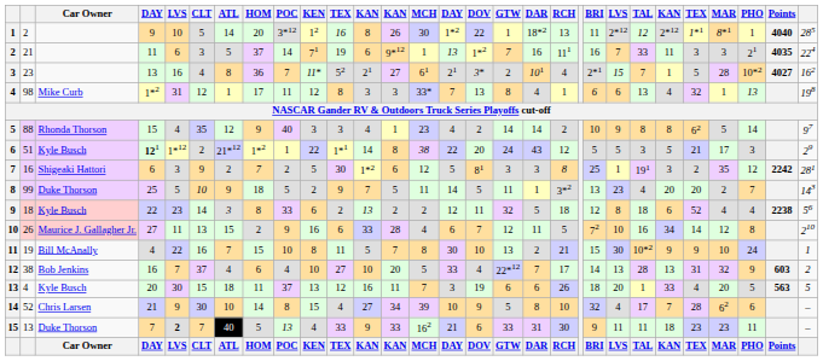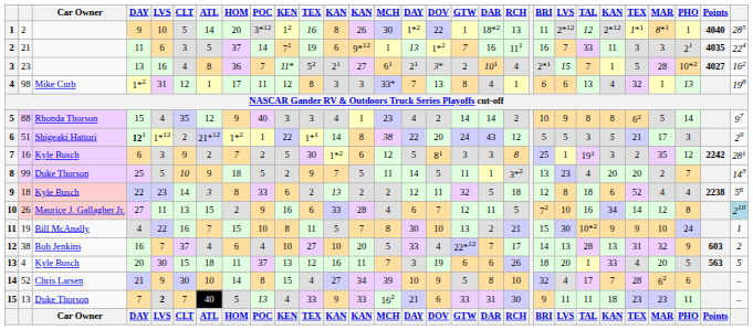 <table class="wikitable" style="font-size:77%; text-align:center;">
 <tr valign="top">
 <th style="vertical-align:middle;"></th>
 <th style="vertical-align:middle;"></th>
 <th style="vertical-align:middle;">Car Owner</th>
 <th><a href='#'>DAY</a></th>
 <th><a href='#'>LVS</a></th>
 <th><a href='#'>CLT</a></th>
 <th><a href='#'>ATL</a></th>
 <th><a href='#'>HOM</a></th>
 <th><a href='#'>POC</a></th>
 <th><a href='#'>KEN</a></th>
 <th><a href='#'>TEX</a></th>
 <th><a href='#'>KAN</a></th>
 <th><a href='#'>KAN</a></th>
 <th><a href='#'>MCH</a></th>
 <th><a href='#'>DAY</a></th>
 <th><a href='#'>DOV</a></th>
 <th><a href='#'>GTW</a></th>
 <th><a href='#'>DAR</a></th>
 <th><a href='#'>RCH</a></th>
 <th rowspan=5></th>
 <th><a href='#'>BRI</a></th>
 <th><a href='#'>LVS</a></th>
 <th><a href='#'>TAL</a></th>
 <th><a href='#'>KAN</a></th>
 <th><a href='#'>TEX</a></th>
 <th><a href='#'>MAR</a></th>
 <th><a href='#'>PHO</a></th>
 <th style="vertical-align:middle;"><a href='#'>Points</a></th>
 <th style="vertical-align:middle;"></th>
 </tr>
 <tr>
 <th>1</th>
 <td align="left">2</td>
 <td align="left"></td>
 <td style="background:#ffdf9f">9</td>
 <td style="background:#ffdf9f">10</td>
 <td style="background:#dfdfdf">5</td>
 <td style="background:#dfffdf">14</td>
 <td style="background:#dfffdf">20</td>
 <td style="background:#dfdfdf">3*<sup>12</sup></td>
 <td style="background:#ffffbf">1<sup>2</sup></td>
 <td style="background:#dfffdf"><em>16</em></td>
 <td style="background:#ffdf9f">8</td>
 <td style="background:#efcfff">26</td>
 <td style="background:#cfcfff">30</td>
 <td style="background:#ffffbf">1*<sup>2</sup></td>
 <td style="background:#cfcfff">22</td>
 <td style="background:#ffffbf">1</td>
 <td style="background:#dfffdf">18*<sup>2</sup></td>
 <td style="background:#dfffdf">13</td>
 <td style="background:#dfffdf">11</td>
 <td style="background:#dfdfdf">2*<sup>12</sup></td>
 <td style="background:#dfffdf"><em>12</em></td>
 <td style="background:#dfdfdf">2*<sup>12</sup></td>
 <td style="background:#ffffbf"><em>1</em>*<sup>1</sup></td>
 <td style="background:#ffdf9f"><em>8</em>*<sup>1</sup></td>
 <td style="background:#ffffbf">1</td>
 <th>4040</th>
 <td><em>28<sup>5</sup></em></td>
 </tr>
 <tr>
 <th>2</th>
 <td align="left">21</td>
 <td align="left"></td>
 <td style="background:#dfffdf">11</td>
 <td style="background:#ffdf9f">6</td>
 <td style="background:#dfdfdf">3</td>
 <td style="background:#dfdfdf">5</td>
 <td style="background:#efcfff">37</td>
 <td style="background:#dfffdf">14</td>
 <td style="background:#ffdf9f">7<sup>1</sup></td>
 <td style="background:#dfffdf">19</td>
 <td style="background:#ffdf9f">6</td>
 <td style="background:#ffdf9f">9*<sup>12</sup></td>
 <td style="background:#ffffbf">1</td>
 <td style="background:#dfffdf"><em>13</em></td>
 <td style="background:#ffffbf">1*<sup>2</sup></td>
 <td style="background:#ffdf9f"><em>7</em></td>
 <td style="background:#dfffdf">16</td>
 <td style="background:#dfffdf">11<sup>1</sup></td>
 <td style="background:#dfffdf">16</td>
 <td style="background:#ffdf9f">7</td>
 <td style="background:#efcfff">33</td>
 <td style="background:#dfffdf">11</td>
 <td style="background:#dfdfdf">3</td>
 <td style="background:#dfdfdf">3</td>
 <td style="background:#dfdfdf">2<sup>1</sup></td>
 <th>4035</th>
 <td><em>22<sup>4</sup></em></td>
 </tr>
 <tr>
 <th>3</th>
 <td align="left">23</td>
 <td align="left"></td>
 <td style="background:#dfffdf">13</td>
 <td style="background:#dfffdf">16</td>
 <td style="background:#dfdfdf">4</td>
 <td style="background:#ffdf9f">8</td>
 <td style="background:#efcfff">36</td>
 <td style="background:#ffdf9f">7</td>
 <td style="background:#dfffdf"><em>11</em>*</td>
 <td style="background:#dfdfdf">5<sup>2</sup></td>
 <td style="background:#dfdfdf">2<sup>1</sup></td>
 <td style="background:#efcfff">27</td>
 <td style="background:#ffdf9f">6<sup>1</sup></td>
 <td style="background:#dfdfdf">2<sup>1</sup></td>
 <td style="background:#dfdfdf"><em>3</em>*</td>
 <td style="background:#dfdfdf">2</td>
 <td style="background:#ffdf9f"><em>10</em><sup>1</sup></td>
 <td style="background:#dfdfdf">4</td>
 <td style="background:#dfdfdf">2*<sup>1</sup></td>
 <td style="background:#dfffdf"><em>15</em></td>
 <td style="background:#ffdf9f">7</td>
 <td style="background:#ffffbf">1</td>
 <td style="background:#dfdfdf">5</td>
 <td style="background:#efcfff">28</td>
 <td style="background:#ffdf9f">10*<sup>2</sup></td>
 <th>4027</th>
 <td><em>16<sup>2</sup></em></td>
 </tr>
 <tr>
 <th>4</th>
 <td align="left">98</td>
 <td align="left"><a href='#'>Mike Curb</a></td>
 <td style="background:#ffffbf">1*<sup>2</sup></td>
 <td style="background:#efcfff">31</td>
 <td style="background:#dfffdf">12</td>
 <td style="background:#ffffbf">1</td>
 <td style="background:#dfffdf">17</td>
 <td style="background:#dfffdf">11</td>
 <td style="background:#dfffdf">12</td>
 <td style="background:#ffdf9f">8</td>
 <td style="background:#dfdfdf">3</td>
 <td style="background:#dfdfdf">3</td>
 <td style="background:#cfcfff">33*</td>
 <td style="background:#ffdf9f">7</td>
 <td style="background:#dfffdf">13</td>
 <td style="background:#ffdf9f">8</td>
 <td style="background:#dfdfdf">4</td>
 <td style="background:#ffffbf">1</td>
 <td style="background:#ffdf9f"><em>6</em></td>
 <td style="background:#ffdf9f">6</td>
 <td style="background:#dfffdf">13</td>
 <td style="background:#dfdfdf">4</td>
 <td style="background:#efcfff">32</td>
 <td style="background:#ffffbf">1</td>
 <td style="background:#dfffdf"><em>13</em></td>
 <th></th>
 <td><em>19<sup>8</sup></em></td>
 </tr>
 <tr>
 <th colspan="29"><a href='#'>NASCAR Gander RV & Outdoors Truck Series Playoffs</a> cut-off</th>
 </tr>
 <tr>
 <th>5</th>
 <td style="background:#efcfff" align="left">88</td>
 <td style="background:#efcfff" align="left"><a href='#'>Rhonda Thorson</a></td>
 <td style="background:#dfffdf">15</td>
 <td style="background:#dfdfdf">4</td>
 <td style="background:#cfcfff">35</td>
 <td style="background:#dfffdf">12</td>
 <td style="background:#ffdf9f">9</td>
 <td style="background:#efcfff">40</td>
 <td style="background:#dfdfdf">3</td>
 <td style="background:#dfdfdf">3</td>
 <td style="background:#dfdfdf">4</td>
 <td style="background:#ffffbf">1</td>
 <td style="background:#cfcfff">23</td>
 <td style="background:#dfdfdf">4</td>
 <td style="background:#dfdfdf">2</td>
 <td style="background:#dfffdf">14</td>
 <td style="background:#dfffdf">14</td>
 <td style="background:#dfdfdf">2</td>
 <th rowspan=37></th>
 <td style="background:#ffdf9f">10</td>
 <td style="background:#ffdf9f">9</td>
 <td style="background:#ffdf9f">8</td>
 <td style="background:#ffdf9f">8</td>
 <td style="background:#ffdf9f">6<sup>2</sup></td>
 <td style="background:#dfdfdf">5</td>
 <td style="background:#dfffdf">14</td>
 <th></th>
 <td><em>9<sup>7</sup></em></td>
 </tr>
 <tr>
 <th>6</th>
 <td style="background:#efcfff" align="left">51</td>
-<td style="background:#efcfff" align="left"><a href='#'>Kyle Busch</a></td>
+<td style="background:#efcfff" align="left"><a href='#'>Shigeaki Hattori</a></td>
 <td style="background:#dfffdf"><strong>12</strong><sup>1</sup></td>
 <td style="background:#ffffbf">1*<sup>12</sup></td>
 <td style="background:#dfdfdf">2</td>
 <td style="background:#cfcfff">21*<sup>12</sup></td>
 <td style="background:#ffffbf">1*<sup>2</sup></td>
 <td style="background:#ffffbf">1</td>
 <td style="background:#cfcfff">22</td>
 <td style="background:#ffffbf">1*<sup>1</sup></td>
 <td style="background:#dfffdf">14</td>
 <td style="background:#ffdf9f">8</td>
 <td style="background:#efcfff"><em>38</em></td>
 <td style="background:#cfcfff">22</td>
 <td style="background:#dfffdf">20</td>
 <td style="background:#cfcfff">24</td>
 <td style="background:#cfcfff">43</td>
 <td style="background:#dfffdf">12</td>
 <td style="background:#dfdfdf">5</td>
 <td style="background:#dfdfdf">5</td>
 <td style="background:#dfdfdf">3</td>
 <td style="background:#dfdfdf"><em>5</em></td>
 <td style="background:#cfcfff">21</td>
 <td style="background:#dfffdf">17</td>
 <td style="background:#dfdfdf">3</td>
 <th></th>
 <td><em>2<sup>9</sup></em></td>
 </tr>
 <tr>
 <th>7</th>
 <td style="background:#efcfff" align="left">16</td>
-<td style="background:#efcfff" align="left"><a href='#'>Shigeaki Hattori</a></td>
+<td style="background:#efcfff" align="left"><a href='#'>Kyle Busch</a></td>
 <td style="background:#ffdf9f">6</td>
 <td style="background:#dfdfdf">3</td>
 <td style="background:#ffdf9f">9</td>
 <td style="background:#dfdfdf">2</td>
 <td style="background:#ffdf9f"><em>7</em></td>
 <td style="background:#dfdfdf">2</td>
 <td style="background:#dfdfdf">5</td>
 <td style="background:#efcfff">30</td>
 <td style="background:#ffffbf">1*<sup>2</sup></td>
 <td style="background:#ffdf9f">6</td>
 <td style="background:#dfffdf">12</td>
 <td style="background:#dfdfdf">5</td>
 <td style="background:#ffdf9f">8<sup>1</sup></td>
 <td style="background:#dfdfdf">3</td>
 <td style="background:#dfdfdf">3</td>
 <td style="background:#ffdf9f"><em>8</em></td>
 <td style="background:#cfcfff">25</td>
 <td style="background:#ffffbf">1</td>
 <td style="background:#efcfff">19<sup>1</sup></td>
 <td style="background:#dfdfdf">3</td>
 <td style="background:#dfdfdf">2</td>
 <td style="background:#efcfff">35</td>
 <td style="background:#dfffdf">12</td>
 <th>2242</th>
 <td><em>28<sup>1</sup></em></td>
 </tr>
 <tr>
 <th>8</th>
 <td style="background:#efcfff" align="left">99</td>
 <td style="background:#efcfff" align="left"><a href='#'>Duke Thorson</a></td>
 <td style="background:#efcfff">25</td>
 <td style="background:#dfdfdf">5</td>
 <td style="background:#ffdf9f"><em>10</em></td>
 <td style="background:#ffdf9f">9</td>
 <td style="background:#dfffdf">18</td>
 <td style="background:#dfdfdf">5</td>
 <td style="background:#dfdfdf">2</td>
 <td style="background:#ffdf9f">9</td>
 <td style="background:#ffdf9f">7</td>
 <td style="background:#dfdfdf">5</td>
 <td style="background:#dfffdf">11</td>
 <td style="background:#dfffdf">14</td>
 <td style="background:#dfdfdf">5</td>
 <td style="background:#dfffdf">11</td>
 <td style="background:#ffffbf">1</td>
 <td style="background:#dfdfdf">3*<sup>2</sup></td>
 <td style="background:#dfffdf">13</td>
 <td style="background:#cfcfff">23</td>
 <td style="background:#dfdfdf">4</td>
 <td style="background:#dfffdf">20</td>
 <td style="background:#dfffdf">20</td>
 <td style="background:#dfdfdf">2</td>
 <td style="background:#ffdf9f">7</td>
 <th></th>
 <td><em>14<sup>3</sup></em></td>
 </tr>
 <tr>
 <th>9</th>
 <td style="background:#ffcfcf" align="left">18</td>
 <td style="background:#ffcfcf" align="left"><a href='#'>Kyle Busch</a></td>
 <td style="background:#cfcfff">22</td>
 <td style="background:#cfcfff">23</td>
 <td style="background:#dfffdf">14</td>
 <td style="background:#dfdfdf"><em>3</em></td>
 <td style="background:#ffdf9f">8</td>
 <td style="background:#efcfff">33</td>
 <td style="background:#ffdf9f">6</td>
 <td style="background:#dfdfdf">2</td>
 <td style="background:#dfffdf"><em>13</em></td>
 <td style="background:#dfdfdf">2</td>
 <td style="background:#dfdfdf">2</td>
 <td style="background:#dfffdf">12</td>
 <td style="background:#dfffdf">11</td>
 <td style="background:#efcfff">32</td>
 <td style="background:#dfdfdf">5</td>
 <td style="background:#dfffdf">18</td>
 <td style="background:#dfffdf">12</td>
 <td style="background:#ffdf9f">8</td>
 <td style="background:#dfffdf">18</td>
 <td style="background:#ffdf9f">6</td>
 <td style="background:#efcfff">52</td>
 <td style="background:#dfdfdf">4</td>
 <td style="background:#dfdfdf">4</td>
 <th>2238</th>
 <td><em>5<sup>6</sup></em></td>
 </tr>
 <tr>
 <th>10</th>
 <td style="background:#ffcfcf" align="left">26</td>
 <td style="background:#ffcfcf" align="left"><a href='#'>Maurice J. Gallagher Jr.</a></td>
 <td style="background:#efcfff">27</td>
 <td style="background:#dfffdf">11</td>
 <td style="background:#dfffdf">13</td>
 <td style="background:#dfffdf">15</td>
 <td style="background:#dfdfdf">2</td>
 <td style="background:#ffdf9f">9</td>
 <td style="background:#dfffdf">16</td>
 <td style="background:#ffdf9f">6</td>
 <td style="background:#cfcfff">33</td>
 <td style="background:#efcfff">28</td>
 <td style="background:#dfdfdf">4</td>
 <td style="background:#ffdf9f">6</td>
 <td style="background:#ffdf9f">7</td>
 <td style="background:#dfffdf">12</td>
 <td style="background:#dfffdf">11</td>
 <td style="background:#dfdfdf">5</td>
 <td style="background:#ffdf9f">7<sup>2</sup></td>
 <td style="background:#ffdf9f">10</td>
 <td style="background:#dfffdf">16</td>
 <td style="background:#cfcfff">34</td>
 <td style="background:#dfffdf">14</td>
 <td style="background:#dfffdf">12</td>
 <td style="background:#ffdf9f">8</td>
 <th></th>
-<td><em>2<sup>10</sup></em></td>
+<td style="background: lightblue;"><em>2<sup>10</sup></em></td>
 </tr>
 <tr>
 <th>11</th>
 <td align="left">19</td>
 <td align="left"><a href='#'>Bill McAnally</a></td>
 <td style="background:#dfdfdf">4</td>
 <td style="background:#cfcfff">22</td>
 <td style="background:#dfffdf">16</td>
 <td style="background:#ffdf9f">7</td>
 <td style="background:#dfffdf">15</td>
 <td style="background:#ffdf9f">10</td>
 <td style="background:#ffdf9f">8</td>
 <td style="background:#dfffdf">11</td>
 <td style="background:#dfdfdf">5</td>
 <td style="background:#ffdf9f">7</td>
 <td style="background:#ffdf9f">8</td>
 <td style="background:#efcfff">30</td>
 <td style="background:#ffdf9f">10</td>
 <td style="background:#dfffdf">13</td>
 <td style="background:#dfdfdf">2</td>
 <td style="background:#cfcfff">21</td>
 <td style="background:#dfffdf">15</td>
 <td style="background:#cfcfff">30</td>
 <td style="background:#ffdf9f">10*<sup>2</sup></td>
 <td style="background:#ffdf9f">9</td>
 <td style="background:#ffdf9f">9</td>
 <td style="background:#ffdf9f">10</td>
 <td style="background:#cfcfff">24</td>
 <th></th>
 <td><em>1</em></td>
 </tr>
 <tr>
 <th>12</th>
 <td align="left">38</td>
 <td align="left"><a href='#'>Bob Jenkins</a></td>
 <td style="background:#dfffdf">16</td>
 <td style="background:#ffdf9f">7</td>
 <td style="background:#efcfff">37</td>
 <td style="background:#dfdfdf">4</td>
 <td style="background:#ffdf9f">6</td>
 <td style="background:#dfdfdf">4</td>
 <td style="background:#ffdf9f">10</td>
 <td style="background:#efcfff">27</td>
 <td style="background:#ffdf9f">10</td>
 <td style="background:#dfffdf">20</td>
 <td style="background:#dfdfdf">5</td>
 <td style="background:#efcfff">33</td>
 <td style="background:#dfdfdf">4</td>
 <td style="background:#cfcfff">22*<sup>12</sup></td>
 <td style="background:#ffdf9f">7</td>
 <td style="background:#dfffdf">17</td>
 <td style="background:#dfffdf">14</td>
 <td style="background:#dfffdf">13</td>
 <td style="background:#efcfff">28</td>
 <td style="background:#dfffdf">13</td>
 <td style="background:#efcfff">31</td>
 <td style="background:#efcfff">32</td>
 <td style="background:#ffdf9f">9</td>
 <th>603</th>
 <td><em>2</em></td>
 </tr>
 <tr>
 <th>13</th>
 <td align="left">4</td>
 <td align="left"><a href='#'>Kyle Busch</a></td>
 <td style="background:#dfffdf">20</td>
 <td style="background:#efcfff">30</td>
 <td style="background:#dfffdf">15</td>
 <td style="background:#dfffdf">18</td>
 <td style="background:#dfffdf">11</td>
 <td style="background:#efcfff">37</td>
 <td style="background:#dfffdf">13</td>
 <td style="background:#dfffdf">12</td>
 <td style="background:#dfffdf">16</td>
 <td style="background:#dfffdf">11</td>
 <td style="background:#ffdf9f">7</td>
 <td style="background:#dfdfdf">3</td>
 <td style="background:#dfffdf">19</td>
 <td style="background:#ffdf9f">6</td>
 <td style="background:#ffdf9f">6</td>
 <td style="background:#cfcfff">26</td>
 <td style="background:#dfffdf">18</td>
 <td style="background:#dfffdf">20</td>
 <td style="background:#ffffbf">1</td>
 <td style="background:#efcfff">33</td>
 <td style="background:#dfdfdf">4</td>
 <td style="background:#dfffdf">20</td>
 <td style="background:#dfdfdf">5</td>
 <th>563</th>
 <td><em>5</em></td>
 </tr>
 <tr>
 <th>14</th>
 <td align="left">52</td>
 <td align="left"><a href='#'>Chris Larsen</a></td>
 <td style="background:#cfcfff">21</td>
 <td style="background:#ffdf9f">9</td>
 <td style="background:#cfcfff">30</td>
 <td style="background:#ffdf9f">10</td>
 <td style="background:#dfffdf">14</td>
 <td style="background:#ffdf9f">8</td>
 <td style="background:#dfffdf">15</td>
 <td style="background:#dfdfdf">4</td>
 <td style="background:#cfcfff">27</td>
 <td style="background:#efcfff">34</td>
 <td style="background:#efcfff">39</td>
 <td style="background:#ffdf9f">10</td>
 <td style="background:#ffdf9f">9</td>
 <td style="background:#dfdfdf">5</td>
 <td style="background:#ffdf9f">8</td>
 <td style="background:#ffdf9f">10</td>
 <td style="background:#cfcfff">32</td>
 <td style="background:#dfdfdf">4</td>
 <td style="background:#efcfff">17</td>
 <td style="background:#ffdf9f">7</td>
 <td style="background:#efcfff">28</td>
 <td style="background:#ffdf9f">6<sup>2</sup></td>
 <td style="background:#ffdf9f">6</td>
 <th></th>
 <td><em>–</em></td>
 </tr>
 <tr>
 <th>15</th>
 <td align="left">13</td>
 <td align="left"><a href='#'>Duke Thorson</a></td>
 <td style="background:#ffdf9f">7</td>
 <td style="background:#dfdfdf"><strong>2</strong></td>
 <td style="background:#ffdf9f">7</td>
 <td style="background:#000000; color:white;">40</td>
 <td style="background:#dfdfdf">5</td>
 <td style="background:#dfffdf"><em>13</em></td>
 <td style="background:#dfdfdf">4</td>
 <td style="background:#efcfff">33</td>
 <td style="background:#ffdf9f">9</td>
 <td style="background:#efcfff">33</td>
 <td style="background:#dfffdf">16<sup>2</sup></td>
 <td style="background:#cfcfff">21</td>
 <td style="background:#ffdf9f">6</td>
 <td style="background:#efcfff">33</td>
 <td style="background:#efcfff">31</td>
 <td style="background:#cfcfff">30</td>
 <td style="background:#ffdf9f">9</td>
 <td style="background:#dfffdf">11</td>
 <td style="background:#dfffdf">11</td>
 <td style="background:#dfffdf">18</td>
 <td style="background:#cfcfff">23</td>
 <td style="background:#cfcfff">23</td>
 <td style="background:#dfffdf">11</td>
 <th></th>
 <td><em>–</em></td>
 </tr>
 <tr>
 <th style="vertical-align:middle;"></th>
 <th style="vertical-align:middle;"></th>
 <th style="vertical-align:middle;">Car Owner</th>
 <th><a href='#'>DAY</a></th>
 <th><a href='#'>LVS</a></th>
 <th><a href='#'>CLT</a></th>
 <th><a href='#'>ATL</a></th>
 <th><a href='#'>HOM</a></th>
 <th><a href='#'>POC</a></th>
 <th><a href='#'>KEN</a></th>
 <th><a href='#'>TEX</a></th>
 <th><a href='#'>KAN</a></th>
 <th><a href='#'>KAN</a></th>
 <th><a href='#'>MCH</a></th>
 <th><a href='#'>DAY</a></th>
 <th><a href='#'>DOV</a></th>
 <th><a href='#'>GTW</a></th>
 <th><a href='#'>DAR</a></th>
 <th><a href='#'>RCH</a></th>
 <th><a href='#'>BRI</a></th>
 <th><a href='#'>LVS</a></th>
 <th><a href='#'>TAL</a></th>
 <th><a href='#'>KAN</a></th>
 <th><a href='#'>TEX</a></th>
 <th><a href='#'>MAR</a></th>
 <th><a href='#'>PHO</a></th>
 <th style="vertical-align:middle;"><a href='#'>Points</a></th>
 <th style="vertical-align:middle;"></th>
 </tr>
 </table>
